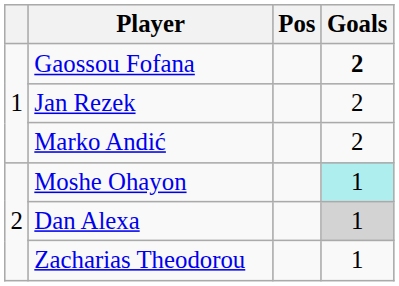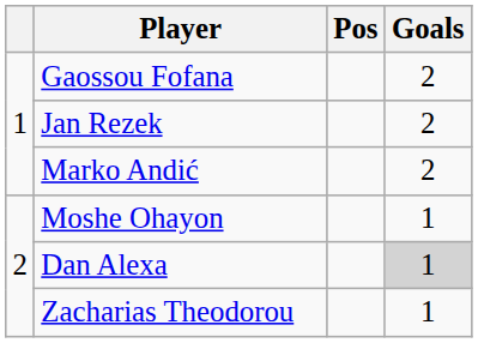 <table class="wikitable">
 <tr>
 <th></th>
 <th style="width:150px;">Player</th>
 <th>Pos</th>
 <th>Goals</th>
 </tr>
 <tr>
 <td style="text-align:center;" rowspan="3">1</td>
 <td> <a href='#'>Gaossou Fofana</a></td>
 <td align=center></td>
-<td align=center><strong>2</strong></td>
+<td align=center>2</td>
 </tr>
 <tr>
 <td> <a href='#'>Jan Rezek</a></td>
 <td align=center></td>
 <td align=center>2</td>
 </tr>
 <tr>
 <td> <a href='#'>Marko Andić</a></td>
 <td align=center></td>
 <td align=center>2</td>
 </tr>
 <tr>
 <td style="text-align:center;" rowspan="3">2</td>
 <td> <a href='#'>Moshe Ohayon</a></td>
 <td align=center></td>
-<td align=center style="background: paleturquoise;">1</td>
+<td align=center>1</td>
 </tr>
 <tr>
 <td> <a href='#'>Dan Alexa</a></td>
 <td align=center></td>
 <td align=center style="background: lightgrey;">1</td>
 </tr>
 <tr>
 <td> <a href='#'>Zacharias Theodorou</a></td>
 <td align=center></td>
 <td align=center>1</td>
 </tr>
 </table>
